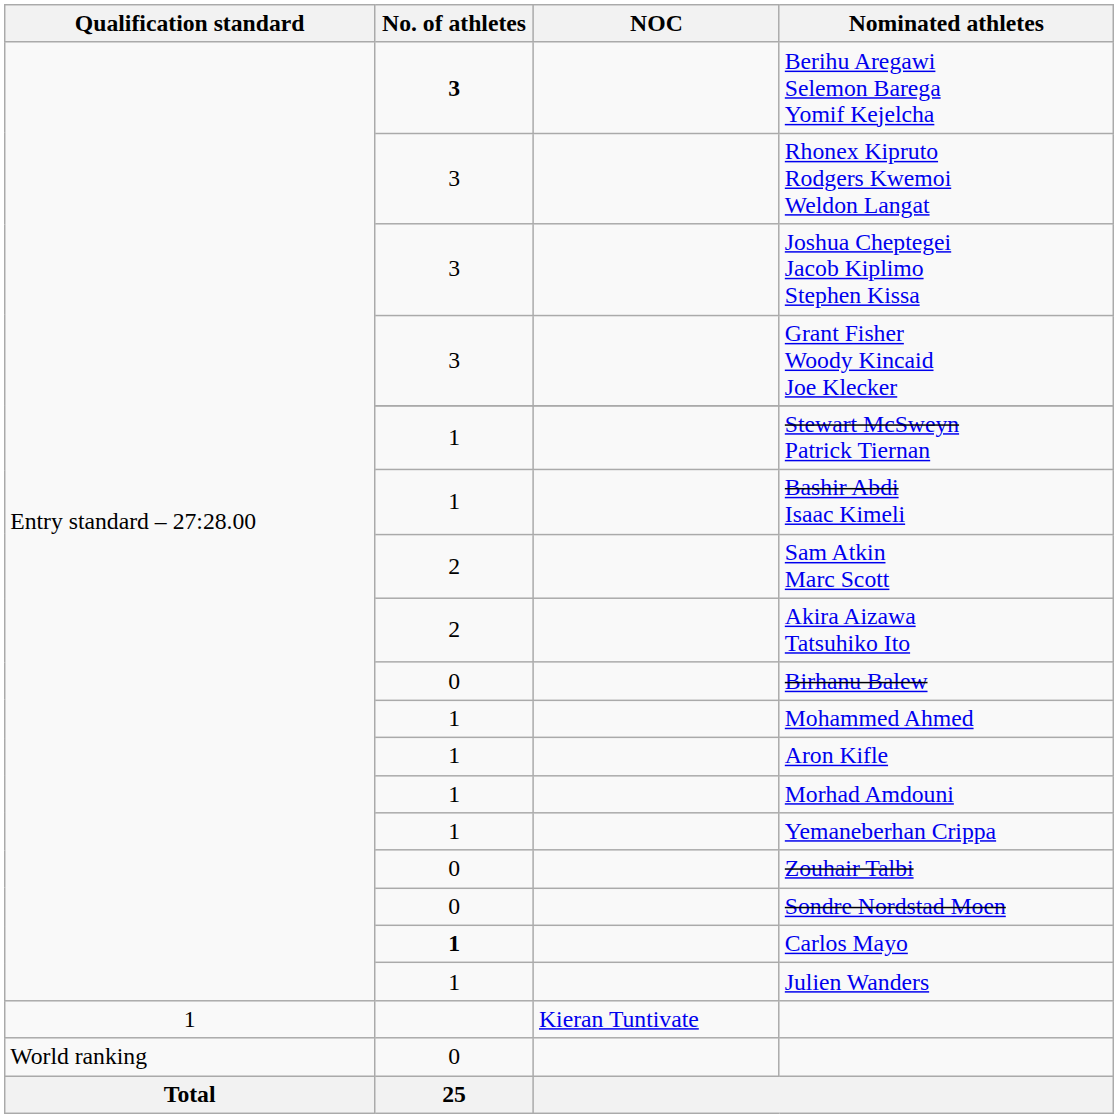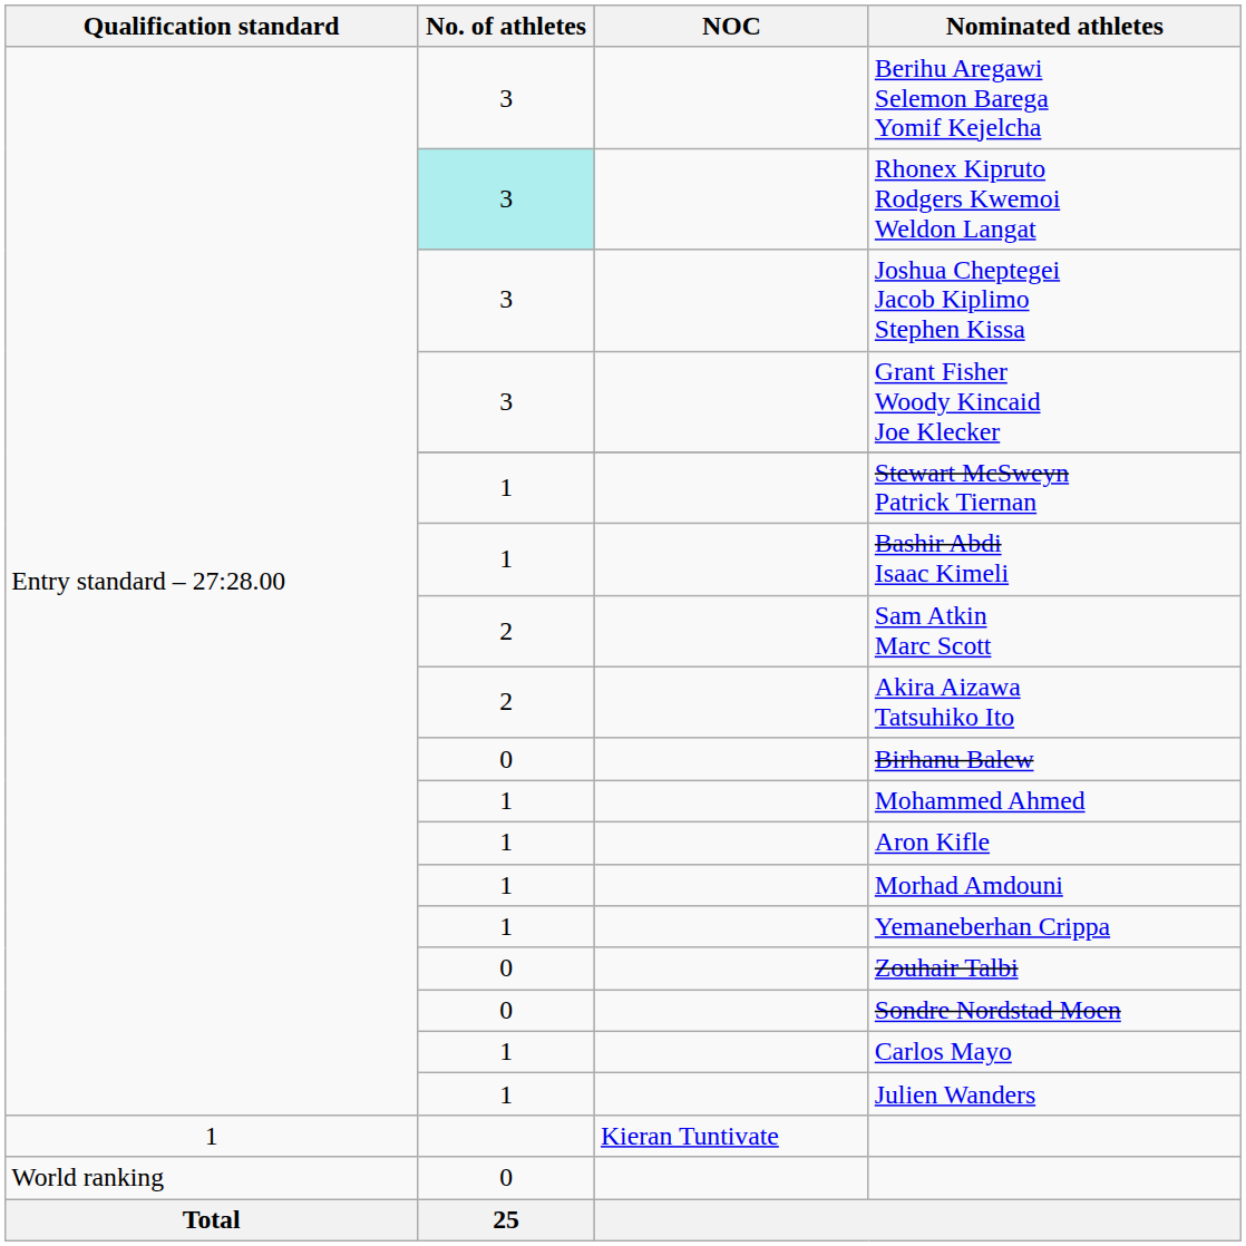 <table class="wikitable" style="text-align:left; width:750px;">
 <tr>
 <th>Qualification standard</th>
 <th width=100>No. of athletes</th>
 <th>NOC</th>
 <th>Nominated athletes</th>
 </tr>
 <tr>
 <td rowspan=18>Entry standard – 27:28.00</td>
-<td align=center><strong>3</strong></td>
+<td align=center>3</td>
 <td></td>
 <td><a href='#'>Berihu Aregawi</a><br><a href='#'>Selemon Barega</a><br><a href='#'>Yomif Kejelcha</a></td>
 </tr>
 <tr>
-<td align=center>3</td>
+<td align=center style="background: paleturquoise;">3</td>
 <td></td>
 <td><a href='#'>Rhonex Kipruto</a><br><a href='#'>Rodgers Kwemoi</a><br><a href='#'>Weldon Langat</a></td>
 </tr>
 <tr>
 <td align=center>3</td>
 <td></td>
 <td><a href='#'>Joshua Cheptegei</a><br><a href='#'>Jacob Kiplimo</a><br><a href='#'>Stephen Kissa</a></td>
 </tr>
 <tr>
 <td align=center>3</td>
 <td></td>
 <td><a href='#'>Grant Fisher</a><br><a href='#'>Woody Kincaid</a><br><a href='#'>Joe Klecker</a></td>
 </tr>
 <tr>
 </tr>
 <tr>
 <td align=center>1</td>
 <td></td>
 <td><s><a href='#'>Stewart McSweyn</a></s><br><a href='#'>Patrick Tiernan</a></td>
 </tr>
 <tr>
 <td align=center>1</td>
 <td></td>
 <td><s><a href='#'>Bashir Abdi</a></s><br><a href='#'>Isaac Kimeli</a></td>
 </tr>
 <tr>
 <td align=center>2</td>
 <td></td>
 <td><a href='#'>Sam Atkin</a><br><a href='#'>Marc Scott</a></td>
 </tr>
 <tr>
 <td align=center>2</td>
 <td></td>
 <td><a href='#'>Akira Aizawa</a><br><a href='#'>Tatsuhiko Ito</a></td>
 </tr>
 <tr>
 <td align=center>0</td>
 <td></td>
 <td><s><a href='#'>Birhanu Balew</a></s></td>
 </tr>
 <tr>
 <td align=center>1</td>
 <td></td>
 <td><a href='#'>Mohammed Ahmed</a></td>
 </tr>
 <tr>
 <td align=center>1</td>
 <td></td>
 <td><a href='#'>Aron Kifle</a></td>
 </tr>
 <tr>
 <td align=center>1</td>
 <td></td>
 <td><a href='#'>Morhad Amdouni</a></td>
 </tr>
 <tr>
 <td align=center>1</td>
 <td></td>
 <td><a href='#'>Yemaneberhan Crippa</a></td>
 </tr>
 <tr>
 <td align=center>0</td>
 <td></td>
 <td><s><a href='#'>Zouhair Talbi</a></s></td>
 </tr>
 <tr>
 <td align=center>0</td>
 <td></td>
 <td><s><a href='#'>Sondre Nordstad Moen</a></s></td>
 </tr>
 <tr>
-<td align=center><strong>1</strong></td>
+<td align=center>1</td>
 <td></td>
 <td><a href='#'>Carlos Mayo</a></td>
 </tr>
 <tr>
 <td align=center>1</td>
 <td></td>
 <td><a href='#'>Julien Wanders</a></td>
 </tr>
 <tr>
 <td align=center>1</td>
 <td></td>
 <td><a href='#'>Kieran Tuntivate</a></td>
 </tr>
 <tr>
 <td>World ranking</td>
 <td align=center>0</td>
 <td></td>
 <td></td>
 </tr>
 <tr>
 <th>Total</th>
 <th>25</th>
 <th colspan=2></th>
 </tr>
 </table>
